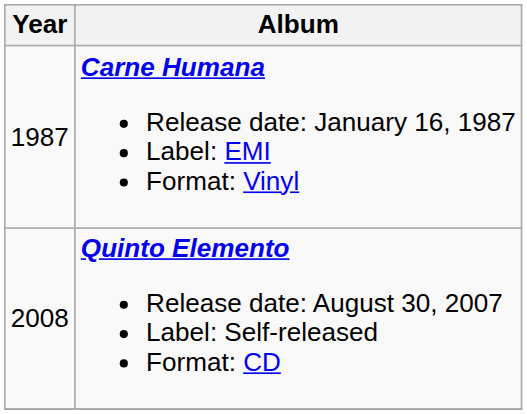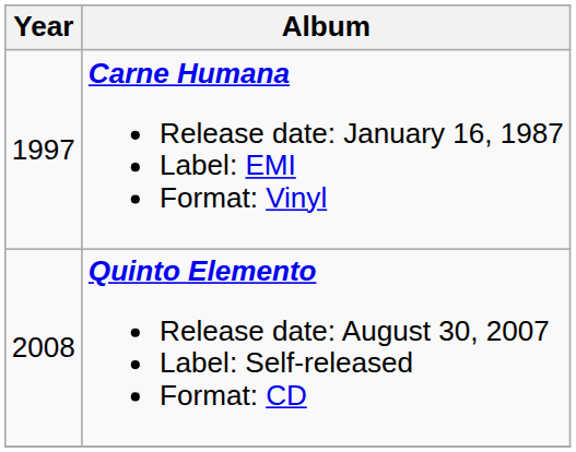 <table class="wikitable">
 <tr>
 <th>Year</th>
 <th>Album</th>
 </tr>
 <tr>
-<td>1987</td>
+<td>1997</td>
 <td><strong><em><a href='#'>Carne Humana</a></em></strong><br><ul><li>Release date: January 16, 1987</li><li>Label: <a href='#'>EMI</a></li><li>Format: <a href='#'>Vinyl</a></li></ul></td>
 </tr>
 <tr>
 <td>2008</td>
 <td><strong><em><a href='#'>Quinto Elemento</a></em></strong><br><ul><li>Release date: August 30, 2007</li><li>Label: Self-released</li><li>Format: <a href='#'>CD</a></li></ul></td>
 </tr>
 <tr>
 </tr>
 </table>
